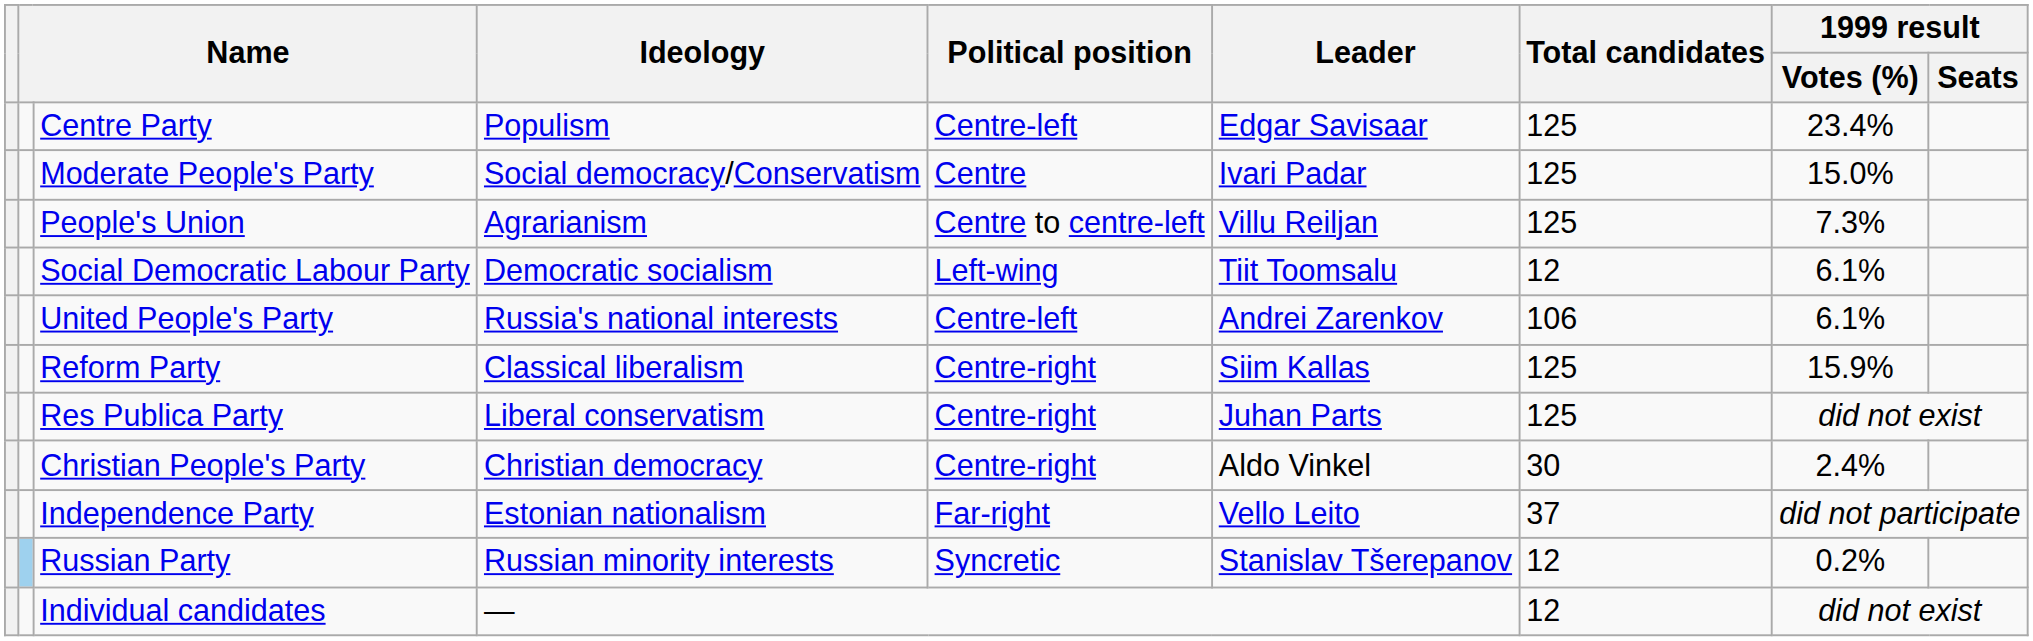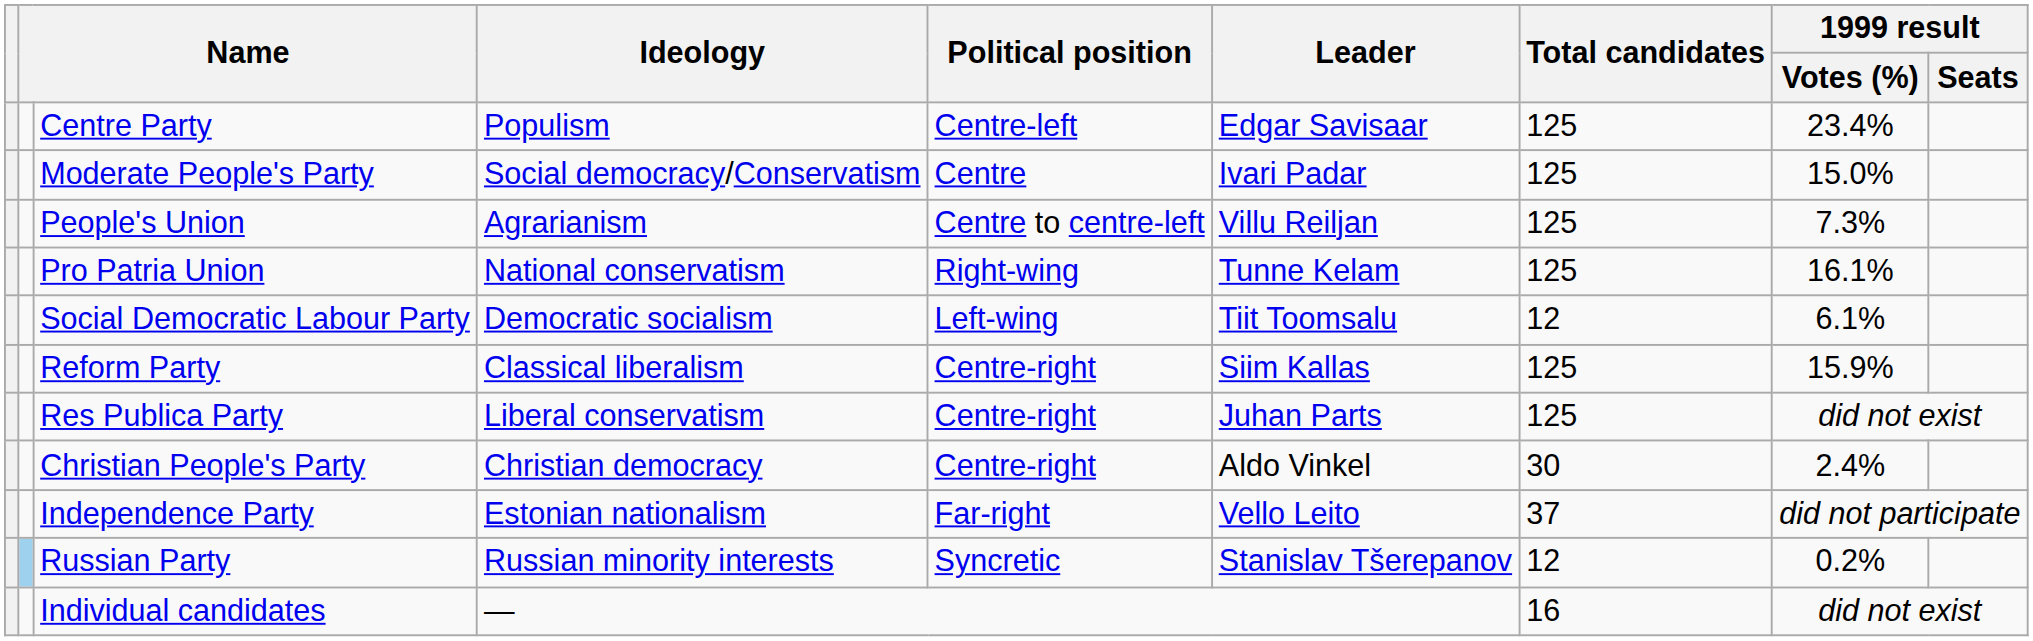 <table class="wikitable" style="text-align:left">
 <tr>
 <th rowspan="2"></th>
 <th colspan="2" rowspan="2">Name</th>
 <th rowspan="2">Ideology</th>
 <th rowspan="2">Political position</th>
 <th rowspan="2">Leader</th>
 <th rowspan="2">Total candidates</th>
 <th colspan="2">1999 result</th>
 </tr>
 <tr>
 <th>Votes (%)</th>
 <th>Seats</th>
 </tr>
 <tr>
 <th></th>
 <td style="background:"></td>
 <td><a href='#'>Centre Party</a></td>
 <td><a href='#'>Populism</a></td>
 <td><a href='#'>Centre-left</a></td>
 <td><a href='#'>Edgar Savisaar</a></td>
 <td>125</td>
 <td style="text-align:center">23.4%</td>
 <td></td>
 </tr>
 <tr>
 <th></th>
 <td style="background:"></td>
 <td><a href='#'>Moderate People's Party</a></td>
 <td><a href='#'>Social democracy</a>/<a href='#'>Conservatism</a></td>
 <td><a href='#'>Centre</a></td>
 <td><a href='#'>Ivari Padar</a></td>
 <td>125</td>
 <td style="text-align:center">15.0%</td>
 <td></td>
 </tr>
 <tr>
 <th></th>
 <td style="background:"></td>
 <td><a href='#'>People's Union</a></td>
 <td><a href='#'>Agrarianism</a></td>
 <td><a href='#'>Centre</a> to <a href='#'>centre-left</a></td>
 <td><a href='#'>Villu Reiljan</a></td>
 <td>125</td>
 <td style="text-align:center">7.3%</td>
 <td></td>
 </tr>
 <tr>
 <th></th>
 <td style="background:"></td>
+<td><a href='#'>Pro Patria Union</a></td>
+<td><a href='#'>National conservatism</a></td>
+<td><a href='#'>Right-wing</a></td>
+<td><a href='#'>Tunne Kelam</a></td>
+<td>125</td>
+<td style="text-align:center">16.1%</td>
+<td></td>
+</tr>
+<tr>
+<th></th>
+<td style="background:"></td>
 <td><a href='#'>Social Democratic Labour Party</a></td>
 <td><a href='#'>Democratic socialism</a></td>
 <td><a href='#'>Left-wing</a></td>
 <td><a href='#'>Tiit Toomsalu</a></td>
 <td>12</td>
-<td style="text-align:center">6.1%</td>
-<td></td>
-</tr>
-<tr>
-<th></th>
-<td style="background:"></td>
-<td><a href='#'>United People's Party</a></td>
-<td><a href='#'>Russia's national interests</a></td>
-<td><a href='#'>Centre-left</a></td>
-<td><a href='#'>Andrei Zarenkov</a></td>
-<td>106</td>
 <td style="text-align:center">6.1%</td>
 <td></td>
 </tr>
 <tr>
 <th></th>
 <td style="background:"></td>
 <td><a href='#'>Reform Party</a></td>
 <td><a href='#'>Classical liberalism</a></td>
 <td><a href='#'>Centre-right</a></td>
 <td><a href='#'>Siim Kallas</a></td>
 <td>125</td>
 <td style="text-align:center">15.9%</td>
 <td></td>
 </tr>
 <tr>
 <th></th>
 <td style="background:"></td>
 <td><a href='#'>Res Publica Party</a></td>
 <td><a href='#'>Liberal conservatism</a></td>
 <td><a href='#'>Centre-right</a></td>
 <td><a href='#'>Juhan Parts</a></td>
 <td>125</td>
 <td colspan="2" style="text-align:center"><em>did not exist</em></td>
 </tr>
 <tr>
 <th></th>
 <td style="background:"></td>
 <td><a href='#'>Christian People's Party</a></td>
 <td><a href='#'>Christian democracy</a></td>
 <td><a href='#'>Centre-right</a></td>
 <td>Aldo Vinkel</td>
 <td>30</td>
 <td style="text-align:center">2.4%</td>
 <td></td>
 </tr>
 <tr>
 <th></th>
 <td style="background:"></td>
 <td><a href='#'>Independence Party</a></td>
 <td><a href='#'>Estonian nationalism</a></td>
 <td><a href='#'>Far-right</a></td>
 <td><a href='#'>Vello Leito</a></td>
 <td>37</td>
 <td colspan="2" style="text-align:center"><em>did not participate</em></td>
 </tr>
 <tr>
 <th></th>
 <td style="background: #9ed1ee"></td>
 <td><a href='#'>Russian Party</a></td>
 <td><a href='#'>Russian minority interests</a></td>
 <td><a href='#'>Syncretic</a></td>
 <td><a href='#'>Stanislav Tšerepanov</a></td>
 <td>12</td>
 <td style="text-align:center">0.2%</td>
 <td></td>
 </tr>
 <tr>
 <th></th>
 <td style="background:"></td>
 <td><a href='#'>Individual candidates</a></td>
 <td colspan="3">—</td>
-<td>12</td>
+<td>16</td>
 <td colspan="2" style="text-align:center"><em>did not exist</em></td>
 </tr>
 </table>
